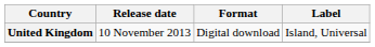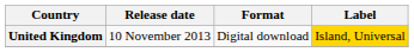 <table class="wikitable plainrowheaders">
 <tr>
 <th scope="col">Country</th>
 <th scope="col">Release date</th>
 <th scope="col">Format</th>
 <th scope="col">Label</th>
 </tr>
 <tr>
 <th scope="row">United Kingdom</th>
 <td>10 November 2013</td>
 <td>Digital download</td>
-<td>Island, Universal</td>
+<td style="background: gold;">Island, Universal</td>
 </tr>
 <tr>
 </tr>
 </table>
